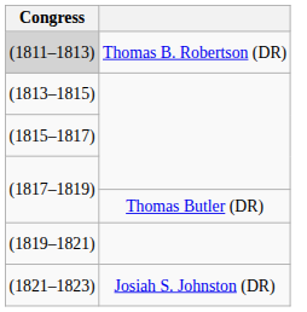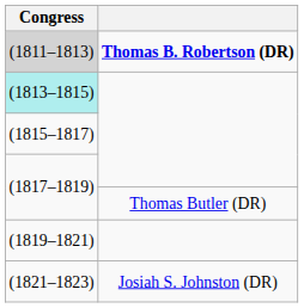 <table class=wikitable style="text-align:center">
 <tr>
 <th>Congress</th>
 <th></th>
 </tr>
 <tr style="height:2.5em">
 <td style="background: lightgrey;"><strong></strong> (1811–1813)</td>
-<td><a href='#'>Thomas B. Robertson</a> (DR)</td>
+<td><strong><a href='#'>Thomas B. Robertson</a> (DR)</strong></td>
 </tr>
 <tr style="height:2.5em">
-<td><strong></strong> (1813–1815)</td>
+<td style="background: paleturquoise;"><strong></strong> (1813–1815)</td>
 </tr>
 <tr style="height:2.5em">
 <td><strong></strong> (1815–1817)</td>
 </tr>
 <tr style="height:2em">
 <td rowspan=2><strong></strong> (1817–1819)</td>
 </tr>
 <tr style="height:2em">
 <td><a href='#'>Thomas Butler</a> (DR)</td>
 </tr>
 <tr style="height:2.5em">
 <td><strong></strong> (1819–1821)</td>
 </tr>
 <tr style="height:2.5em">
 <td><strong></strong> (1821–1823)</td>
 <td><a href='#'>Josiah S. Johnston</a> (DR)</td>
 </tr>
 </table>
